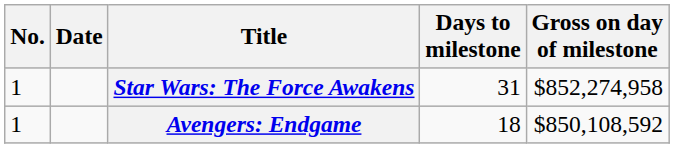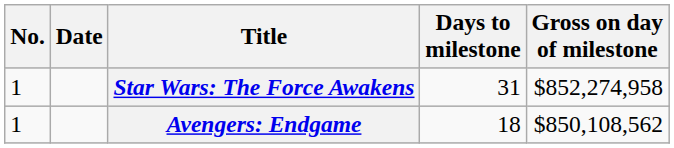 <table class="wikitable">
 <tr>
 <th scope="col">No.</th>
 <th scope="col">Date</th>
 <th scope="col">Title</th>
 <th scope="col">Days to <br>milestone</th>
 <th scope="col">Gross on day <br>of milestone</th>
 </tr>
 <tr>
 <td>1</td>
 <td></td>
 <th scope="row"><em><a href='#'>Star Wars: The Force Awakens</a></em></th>
 <td style="text-align:right;">31</td>
 <td style="text-align:right;">$852,274,958</td>
 </tr>
 <tr>
 <td>1</td>
 <td></td>
 <th scope="row"><em><a href='#'>Avengers: Endgame</a></em></th>
 <td style="text-align:right;">18</td>
-<td style="text-align:right;">$850,108,592</td>
+<td style="text-align:right;">$850,108,562</td>
 </tr>
 </table>
